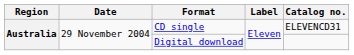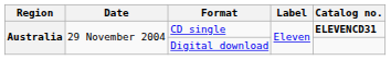 <table class="wikitable plainrowheaders">
 <tr>
 <th>Region</th>
 <th>Date</th>
 <th>Format</th>
 <th>Label</th>
 <th>Catalog no.</th>
 </tr>
 <tr>
 <th scope="row" rowspan="2">Australia</th>
 <td rowspan="2">29 November 2004</td>
 <td><a href='#'>CD single</a></td>
 <td rowspan="2"><a href='#'>Eleven</a></td>
-<td>ELEVENCD31</td>
+<td><strong>ELEVENCD31</strong></td>
 </tr>
 <tr>
 <td><a href='#'>Digital download</a></td>
 <td></td>
 </tr>
 </table>
